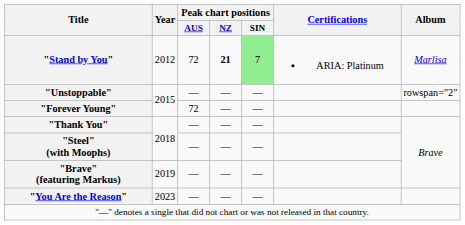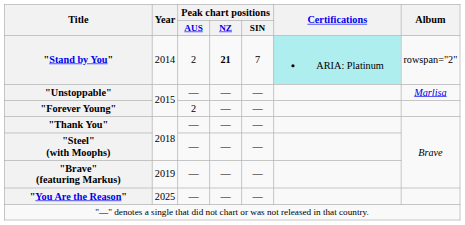 <table class="wikitable plainrowheaders" style="text-align:center;">
 <tr>
 <th scope="col" rowspan="2" style="width:14em;">Title</th>
 <th scope="col" rowspan="2" style="width:1em;">Year</th>
 <th scope="col" colspan="3">Peak chart positions</th>
 <th scope="col" rowspan="2" style="width:12em;"><a href='#'>Certifications</a></th>
 <th scope="col" rowspan="2">Album</th>
 </tr>
 <tr>
 <th scope="col" style="width:3em;font-size:90%;"><a href='#'>AUS</a><br></th>
 <th scope="col" style="width:3em;font-size:90%;"><a href='#'>NZ</a><br></th>
 <th scope="col" style="width:3em;font-size:90%;">SIN<br></th>
 </tr>
 <tr>
 <th scope="row">"<a href='#'>Stand by You</a>"</th>
-<td>2012</td>
-<td>72</td>
+<td>2014</td>
+<td>2</td>
 <td><strong>21</strong></td>
-<td style="background: lightgreen;">7</td>
-<td><br><ul><li>ARIA: Platinum</li></ul></td>
-<td><em><a href='#'>Marlisa</a></em></td>
+<td>7</td>
+<td style="background: paleturquoise;"><br><ul><li>ARIA: Platinum</li></ul></td>
+<td>rowspan="2" </td>
 </tr>
 <tr>
 <th scope="row">"Unstoppable"</th>
 <td rowspan="2">2015</td>
 <td>—</td>
 <td>—</td>
 <td>—</td>
 <td></td>
-<td>rowspan="2" </td>
+<td><em><a href='#'>Marlisa</a></em></td>
 </tr>
 <tr>
 <th scope="row">"Forever Young"</th>
-<td>72</td>
+<td>2</td>
 <td>—</td>
 <td>—</td>
 <td></td>
 </tr>
 <tr>
 <th scope="row">"Thank You"</th>
 <td rowspan="2">2018</td>
 <td>—</td>
 <td>—</td>
 <td>—</td>
 <td></td>
 <td rowspan="3"><em>Brave</em></td>
 </tr>
 <tr>
 <th scope="row">"Steel" <br>(with Moophs)</th>
 <td>—</td>
 <td>—</td>
 <td>—</td>
 <td></td>
 </tr>
 <tr>
 <th scope="row">"Brave" <br>(featuring Markus)</th>
 <td>2019</td>
 <td>—</td>
 <td>—</td>
 <td>—</td>
 <td></td>
 </tr>
 <tr>
 <th scope="row">"<a href='#'>You Are the Reason</a>"</th>
-<td>2023</td>
+<td>2025</td>
 <td>—</td>
 <td>—</td>
 <td>—</td>
 <td></td>
 <td></td>
 </tr>
 <tr>
 <td colspan="7" style="font-size:90%">"—" denotes a single that did not chart or was not released in that country.</td>
 </tr>
 </table>
